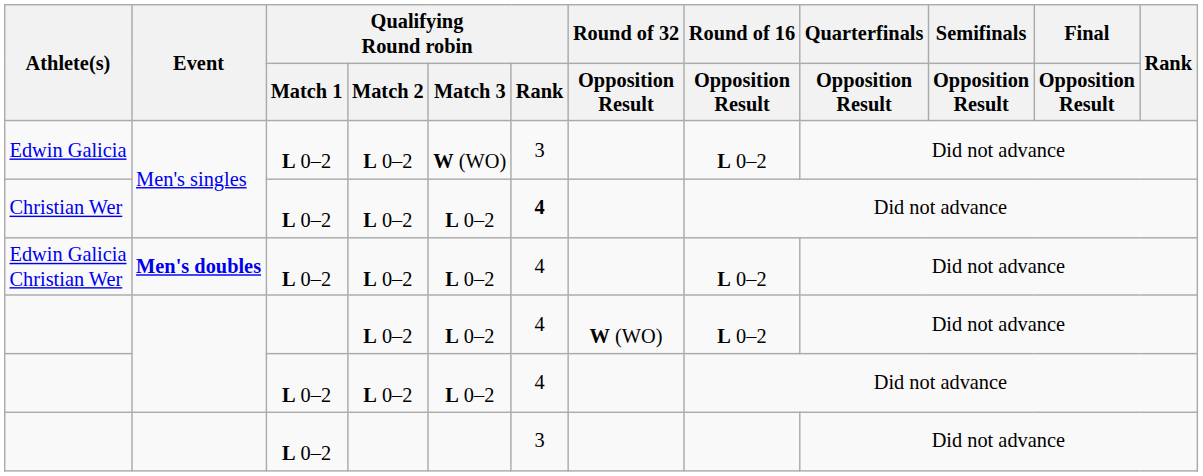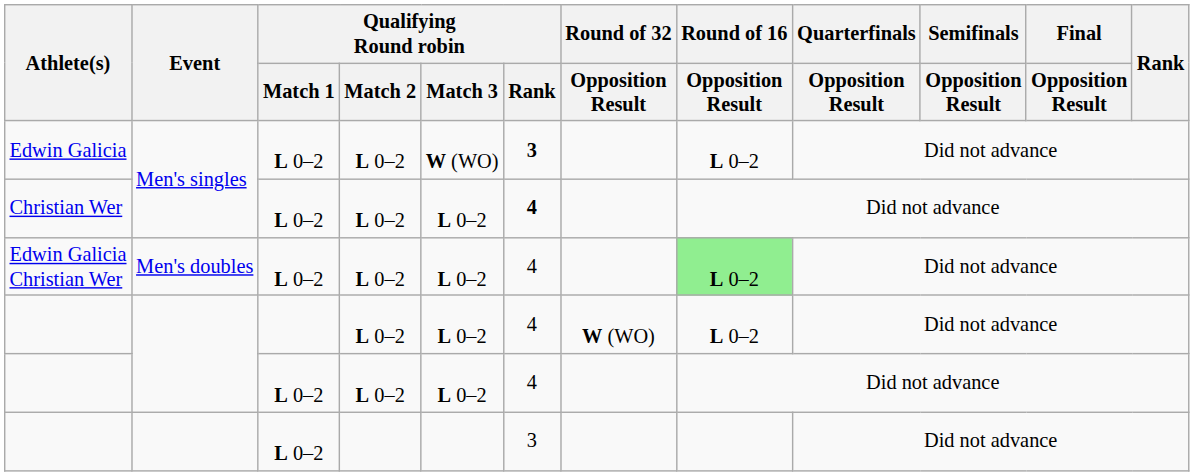 <table class="wikitable" style="font-size:89%">
 <tr>
 <th rowspan="2">Athlete(s)</th>
 <th rowspan="2">Event</th>
 <th colspan="4">Qualifying<br>Round robin</th>
 <th>Round of 32</th>
 <th>Round of 16</th>
 <th>Quarterfinals</th>
 <th>Semifinals</th>
 <th>Final</th>
 <th rowspan="2">Rank</th>
 </tr>
 <tr>
 <th>Match 1</th>
 <th>Match 2</th>
 <th>Match 3</th>
 <th>Rank</th>
 <th>Opposition<br>Result</th>
 <th>Opposition<br>Result</th>
 <th>Opposition<br>Result</th>
 <th>Opposition<br>Result</th>
 <th>Opposition<br>Result</th>
 </tr>
 <tr align=center>
 <td align=left><a href='#'>Edwin Galicia</a></td>
 <td rowspan=2 align=left><a href='#'>Men's singles</a></td>
 <td><br><strong>L</strong> 0–2</td>
 <td><br><strong>L</strong> 0–2</td>
 <td><br><strong>W</strong> (WO)</td>
-<td>3</td>
+<td><strong>3</strong></td>
 <td></td>
 <td><br><strong>L</strong> 0–2</td>
 <td colspan=4>Did not advance</td>
 </tr>
 <tr align=center>
 <td align=left><a href='#'>Christian Wer</a></td>
 <td><br><strong>L</strong> 0–2</td>
 <td><br><strong>L</strong> 0–2</td>
 <td><br><strong>L</strong> 0–2</td>
 <td><strong>4</strong></td>
 <td><br></td>
 <td colspan=5>Did not advance</td>
 </tr>
 <tr align=center>
 <td align=left><a href='#'>Edwin Galicia</a><br><a href='#'>Christian Wer</a></td>
-<td align=left><strong><a href='#'>Men's doubles</a></strong></td>
+<td align=left><a href='#'>Men's doubles</a></td>
 <td><br><strong>L</strong> 0–2</td>
 <td><br><strong>L</strong> 0–2</td>
 <td><br><strong>L</strong> 0–2</td>
 <td>4</td>
 <td></td>
-<td><br><strong>L</strong> 0–2</td>
+<td style="background: lightgreen;"><br><strong>L</strong> 0–2</td>
 <td colspan=4>Did not advance</td>
 </tr>
 <tr align=center>
 <td align=left></td>
 <td rowspan=2 align=left></td>
 <td><br></td>
 <td><br><strong>L</strong> 0–2</td>
 <td><br><strong>L</strong> 0–2</td>
 <td>4</td>
 <td><br><strong>W</strong> (WO)</td>
 <td><br><strong>L</strong> 0–2</td>
 <td colspan=4>Did not advance</td>
 </tr>
 <tr align=center>
 <td align=left></td>
 <td><br><strong>L</strong> 0–2</td>
 <td><br><strong>L</strong> 0–2</td>
 <td><br><strong>L</strong> 0–2</td>
 <td>4</td>
 <td><br></td>
 <td colspan=5>Did not advance</td>
 </tr>
 <tr align=center>
 <td align=left><br></td>
 <td align=left></td>
 <td><br><strong>L</strong> 0–2</td>
 <td><br></td>
 <td></td>
 <td>3</td>
 <td></td>
 <td><br></td>
 <td colspan=4>Did not advance</td>
 </tr>
 </table>
